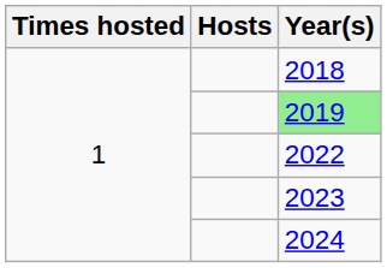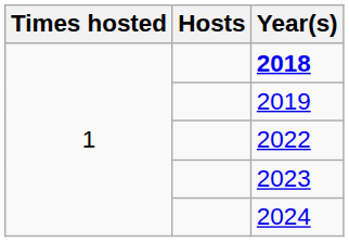 <table class="wikitable" style="margin:0 auto">
 <tr>
 <th>Times hosted</th>
 <th>Hosts</th>
 <th>Year(s)</th>
 </tr>
 <tr>
 <td rowspan="5" style="text-align:center;">1</td>
 <td></td>
-<td><a href='#'>2018</a></td>
+<td><strong><a href='#'>2018</a></strong></td>
 </tr>
 <tr>
 <td></td>
-<td style="background: lightgreen;"><a href='#'>2019</a></td>
+<td><a href='#'>2019</a></td>
 </tr>
 <tr>
 <td></td>
 <td><a href='#'>2022</a></td>
 </tr>
 <tr>
 <td></td>
 <td><a href='#'>2023</a></td>
 </tr>
 <tr>
 <td></td>
 <td><a href='#'>2024</a></td>
 </tr>
 </table>
